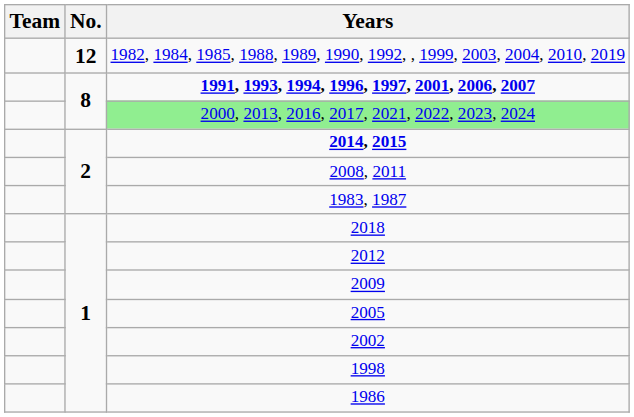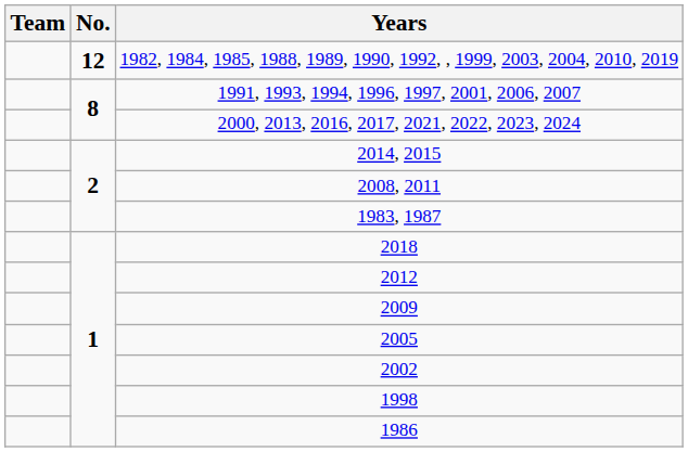 <table class="wikitable" style="text-align:center;">
 <tr>
 <th>Team</th>
 <th>No.</th>
 <th class="unsortable">Years</th>
 </tr>
 <tr>
 <td style=><strong><a href='#'></a></strong></td>
 <td><strong>12</strong></td>
 <td style="font-size:80%;"><a href='#'>1982</a>, <a href='#'>1984</a>, <a href='#'>1985</a>, <a href='#'>1988</a>, <a href='#'>1989</a>, <a href='#'>1990</a>, <a href='#'>1992</a>, , <a href='#'>1999</a>, <a href='#'>2003</a>, <a href='#'>2004</a>, <a href='#'>2010</a>, <a href='#'>2019</a></td>
 </tr>
 <tr>
 <td style=><strong><a href='#'></a></strong></td>
 <td rowspan=2><strong>8</strong></td>
-<td style="font-size:80%;"><strong><a href='#'>1991</a>, <a href='#'>1993</a>, <a href='#'>1994</a>, <a href='#'>1996</a>, <a href='#'>1997</a>, <a href='#'>2001</a>, <a href='#'>2006</a>, <a href='#'>2007</a></strong></td>
+<td style="font-size:80%;"><a href='#'>1991</a>, <a href='#'>1993</a>, <a href='#'>1994</a>, <a href='#'>1996</a>, <a href='#'>1997</a>, <a href='#'>2001</a>, <a href='#'>2006</a>, <a href='#'>2007</a></td>
 </tr>
 <tr>
 <td style=><strong></strong></td>
-<td style="background: lightgreen; font-size:80%;"><a href='#'>2000</a>, <a href='#'>2013</a>, <a href='#'>2016</a>, <a href='#'>2017</a>, <a href='#'>2021</a>, <a href='#'>2022</a>, <a href='#'>2023</a>, <a href='#'>2024</a></td>
+<td style="font-size:80%;"><a href='#'>2000</a>, <a href='#'>2013</a>, <a href='#'>2016</a>, <a href='#'>2017</a>, <a href='#'>2021</a>, <a href='#'>2022</a>, <a href='#'>2023</a>, <a href='#'>2024</a></td>
 </tr>
 <tr>
 <td style=><strong><a href='#'></a></strong></td>
 <td rowspan=3><strong>2</strong></td>
-<td style="font-size:80%;"><strong><a href='#'>2014</a>, <a href='#'>2015</a></strong></td>
+<td style="font-size:80%;"><a href='#'>2014</a>, <a href='#'>2015</a></td>
 </tr>
 <tr>
 <td style=><strong></strong></td>
 <td style="font-size:80%;"><a href='#'>2008</a>, <a href='#'>2011</a></td>
 </tr>
 <tr>
 <td style=><strong><a href='#'></a></strong></td>
 <td style="font-size:80%;"><a href='#'>1983</a>, <a href='#'>1987</a></td>
 </tr>
 <tr>
 <td style=><strong></strong></td>
 <td rowspan=7><strong>1</strong></td>
 <td style="font-size:80%;"><a href='#'>2018</a></td>
 </tr>
 <tr>
 <td style=><strong><a href='#'></a></strong></td>
 <td style="font-size:80%;"><a href='#'>2012</a></td>
 </tr>
 <tr>
 <td style=><strong></strong></td>
 <td style="font-size:80%;"><a href='#'>2009</a></td>
 </tr>
 <tr>
 <td style=><strong></strong></td>
 <td style="font-size:80%;"><a href='#'>2005</a></td>
 </tr>
 <tr>
 <td style=><strong></strong></td>
 <td style="font-size:80%;"><a href='#'>2002</a></td>
 </tr>
 <tr>
 <td style=><strong><a href='#'></a></strong></td>
 <td style="font-size:80%;"><a href='#'>1998</a></td>
 </tr>
 <tr>
 <td style=></td>
 <td style="font-size:80%;"><a href='#'>1986</a></td>
 </tr>
 </table>
